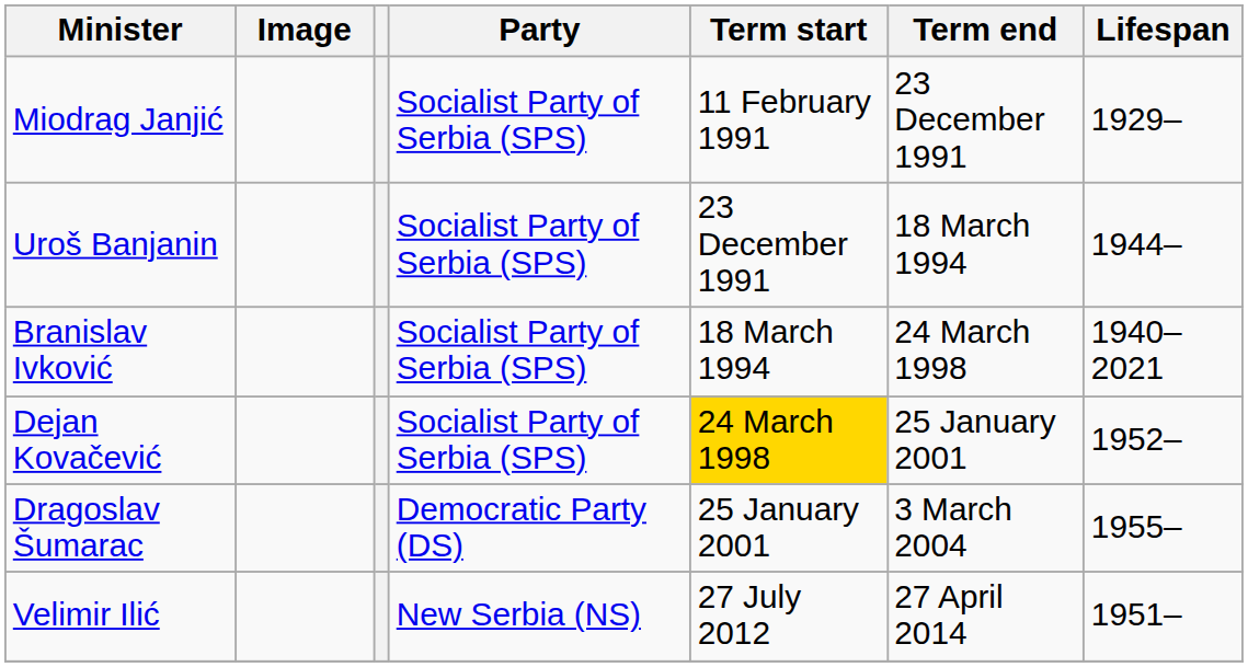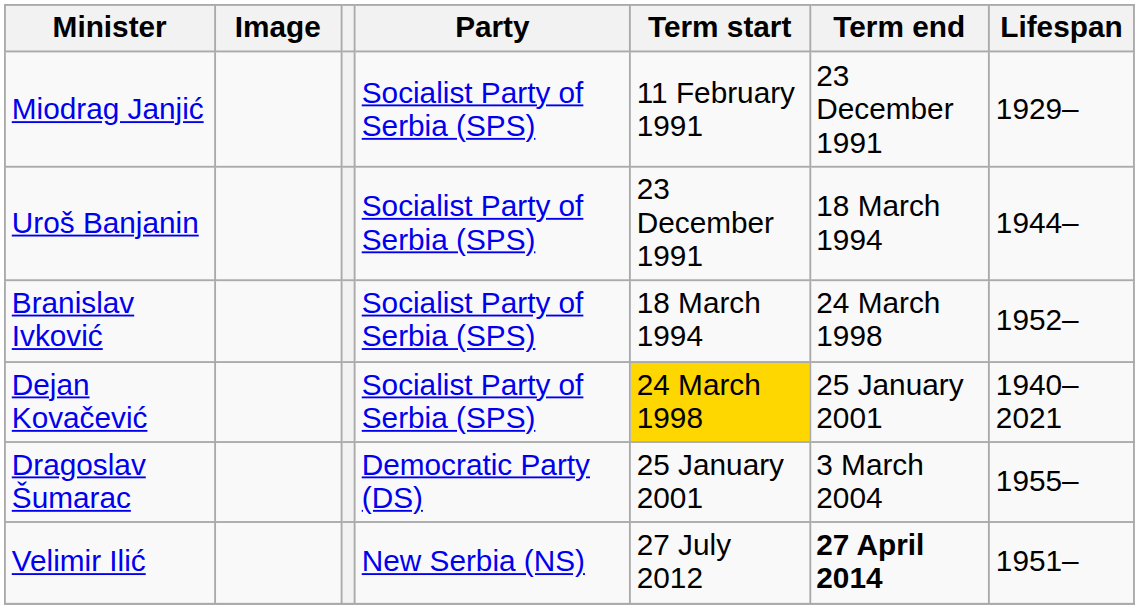 <table class="wikitable" style="text-align: left;">
 <tr>
 <th width="170">Minister</th>
 <th width="90">Image</th>
 <th></th>
 <th width="260">Party</th>
 <th width="120">Term start</th>
 <th width="120">Term end</th>
 <th width="80">Lifespan</th>
 </tr>
 <tr>
 <td><a href='#'>Miodrag Janjić</a></td>
 <td></td>
 <th style="background:"></th>
 <td><a href='#'>Socialist Party of Serbia (SPS)</a></td>
 <td>11 February 1991</td>
 <td>23 December 1991</td>
 <td>1929–</td>
 </tr>
 <tr>
 <td><a href='#'>Uroš Banjanin</a></td>
 <td></td>
 <th style="background:"></th>
 <td><a href='#'>Socialist Party of Serbia (SPS)</a></td>
 <td>23 December 1991</td>
 <td>18 March 1994</td>
 <td>1944–</td>
 </tr>
 <tr>
 <td><a href='#'>Branislav Ivković</a></td>
 <td></td>
 <th style="background:"></th>
 <td><a href='#'>Socialist Party of Serbia (SPS)</a></td>
 <td>18 March 1994</td>
 <td>24 March 1998</td>
-<td>1940–2021</td>
+<td>1952–</td>
 </tr>
 <tr>
 <td><a href='#'>Dejan Kovačević</a></td>
 <td></td>
 <th style="background:"></th>
 <td><a href='#'>Socialist Party of Serbia (SPS)</a></td>
 <td style="background: gold;">24 March 1998</td>
 <td>25 January 2001</td>
-<td>1952–</td>
+<td>1940–2021</td>
 </tr>
 <tr>
 <td><a href='#'>Dragoslav Šumarac</a></td>
 <td></td>
 <th style="background:"></th>
 <td><a href='#'>Democratic Party (DS)</a></td>
 <td>25 January 2001</td>
 <td>3 March 2004</td>
 <td>1955–</td>
 </tr>
 <tr>
 <td><a href='#'>Velimir Ilić</a></td>
 <td></td>
 <th style="background:"></th>
 <td><a href='#'>New Serbia (NS)</a></td>
 <td>27 July 2012</td>
-<td>27 April 2014</td>
+<td><strong>27 April 2014</strong></td>
 <td>1951–</td>
 </tr>
 <tr>
 </tr>
 </table>
